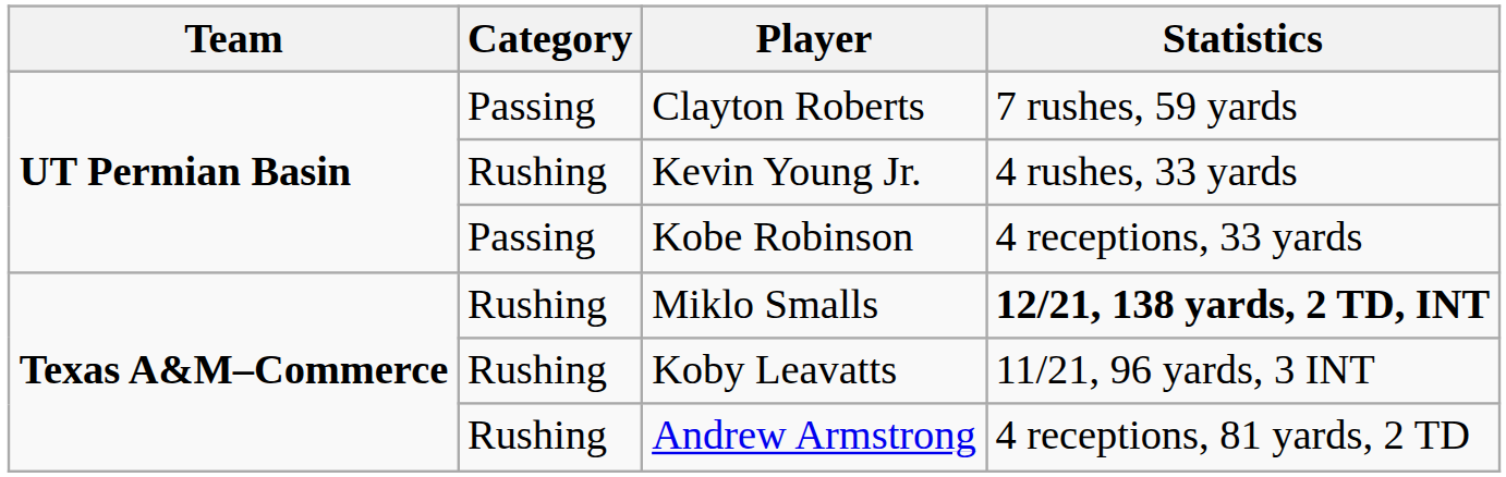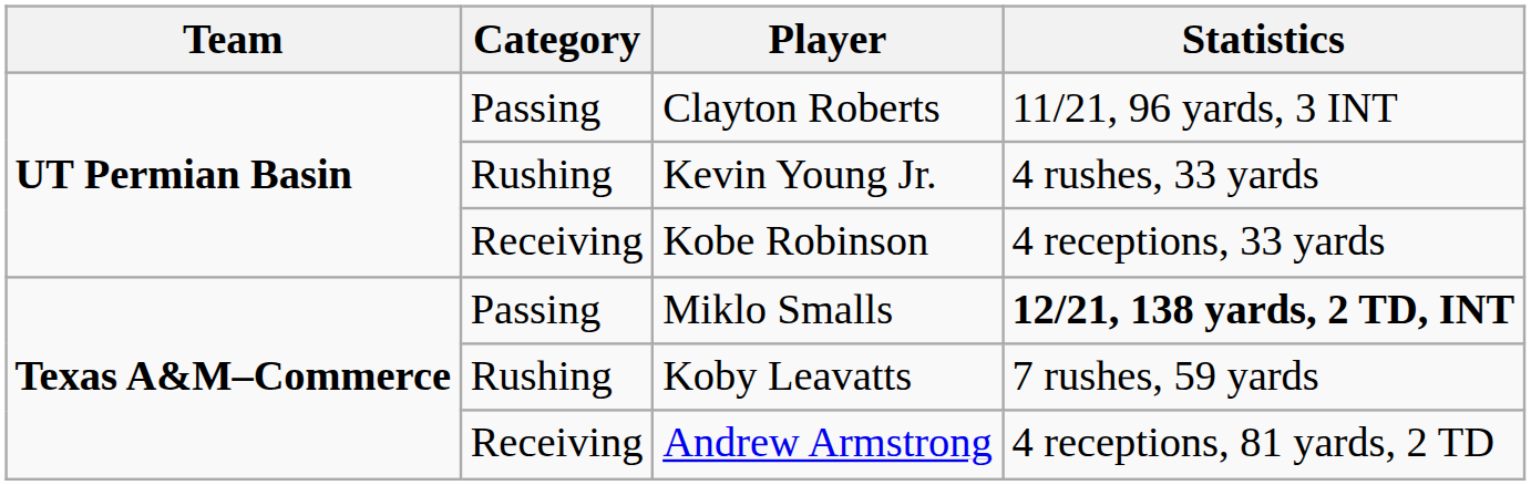 <table class="wikitable" style="float: right;">
 <tr>
 <th>Team</th>
 <th>Category</th>
 <th>Player</th>
 <th>Statistics</th>
 </tr>
 <tr>
 <td rowspan=3><strong>UT Permian Basin</strong></td>
 <td>Passing</td>
 <td>Clayton Roberts</td>
-<td>7 rushes, 59 yards</td>
+<td>11/21, 96 yards, 3 INT</td>
 </tr>
 <tr>
 <td>Rushing</td>
 <td>Kevin Young Jr.</td>
 <td>4 rushes, 33 yards</td>
 </tr>
 <tr>
-<td>Passing</td>
+<td>Receiving</td>
 <td>Kobe Robinson</td>
 <td>4 receptions, 33 yards</td>
 </tr>
 <tr>
 <td rowspan=3><strong>Texas A&M–Commerce</strong></td>
-<td>Rushing</td>
+<td>Passing</td>
 <td>Miklo Smalls</td>
 <td><strong>12/21, 138 yards, 2 TD, INT</strong></td>
 </tr>
 <tr>
 <td>Rushing</td>
 <td>Koby Leavatts</td>
-<td>11/21, 96 yards, 3 INT</td>
+<td>7 rushes, 59 yards</td>
 </tr>
 <tr>
-<td>Rushing</td>
+<td>Receiving</td>
 <td><a href='#'>Andrew Armstrong</a></td>
 <td>4 receptions, 81 yards, 2 TD</td>
 </tr>
 </table>
